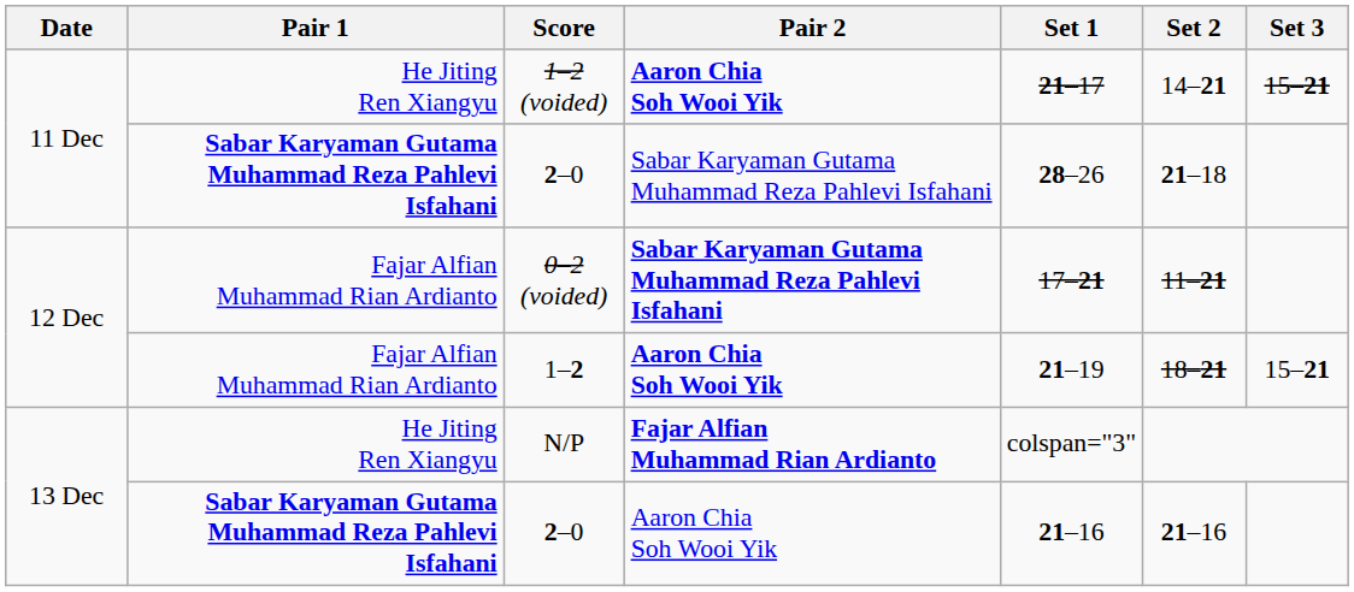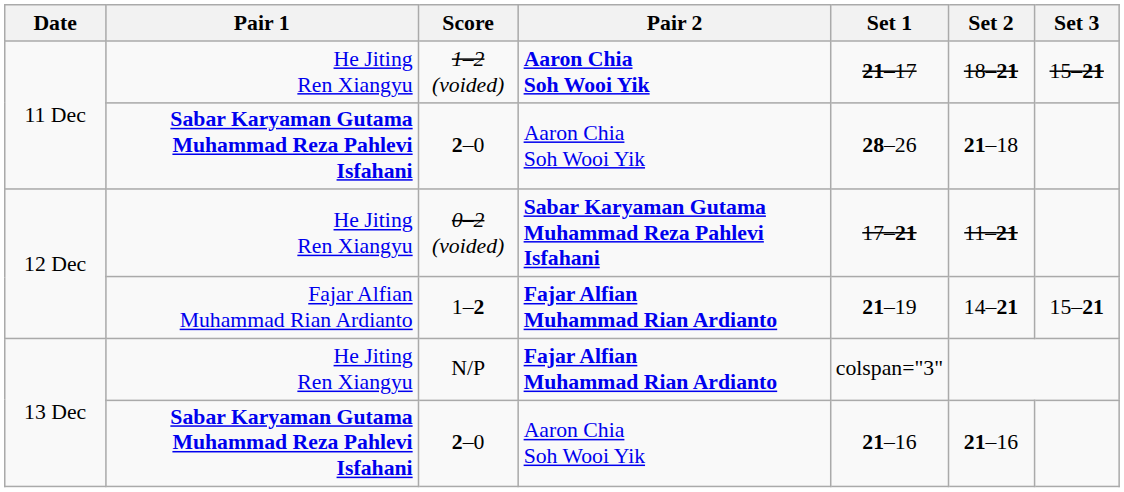 <table class="wikitable" style="text-align: center; font-size:90%">
 <tr>
 <th width="60">Date</th>
 <th width="200">Pair 1</th>
 <th width="60">Score</th>
 <th width="200">Pair 2</th>
 <th width="50">Set 1</th>
 <th width="50">Set 2</th>
 <th width="50">Set 3</th>
 </tr>
 <tr>
 <td rowspan="2">11 Dec</td>
 <td style="text-align:right"><a href='#'>He Jiting</a>  <br><a href='#'>Ren Xiangyu</a> </td>
 <td style="text-align:center"><s><em>1–2</em></s><br><em>(voided)</em></td>
 <td style="text-align:left"><strong> <a href='#'>Aaron Chia</a><br> <a href='#'>Soh Wooi Yik</a></strong></td>
 <td><s><strong>21</strong>–17</s></td>
-<td>14–<strong>21</strong></td>
+<td><s>18–<strong>21</strong></s></td>
 <td><s>15–<strong>21</strong></s></td>
 </tr>
 <tr>
 <td style="text-align:right"><strong><a href='#'>Sabar Karyaman Gutama</a> <br><a href='#'>Muhammad Reza Pahlevi Isfahani</a> </strong></td>
 <td style="text-align:center"><strong>2</strong>–0</td>
-<td style="text-align:left"> <a href='#'>Sabar Karyaman Gutama</a><br> <a href='#'>Muhammad Reza Pahlevi Isfahani</a></td>
+<td style="text-align:left"> <a href='#'>Aaron Chia</a><br> <a href='#'>Soh Wooi Yik</a></td>
 <td><strong>28</strong>–26</td>
 <td><strong>21</strong>–18</td>
 <td></td>
 </tr>
 <tr>
 <td rowspan="2">12 Dec</td>
-<td style="text-align:right"><a href='#'>Fajar Alfian</a> <br><a href='#'>Muhammad Rian Ardianto</a> </td>
+<td style="text-align:right"><a href='#'>He Jiting</a> <br><a href='#'>Ren Xiangyu</a> </td>
 <td style="text-align:center"><s><em>0–2</em></s><br><em>(voided)</em></td>
 <td style="text-align:left"><strong> <a href='#'>Sabar Karyaman Gutama</a><br> <a href='#'>Muhammad Reza Pahlevi Isfahani</a></strong></td>
 <td><s>17–<strong>21</strong></s></td>
 <td><s>11–<strong>21</strong></s></td>
 <td></td>
 </tr>
 <tr>
 <td style="text-align:right"><a href='#'>Fajar Alfian</a> <br><a href='#'>Muhammad Rian Ardianto</a> </td>
 <td style="text-align:center">1–<strong>2</strong></td>
-<td style="text-align:left"><strong> <a href='#'>Aaron Chia</a><br> <a href='#'>Soh Wooi Yik</a></strong></td>
+<td style="text-align:left"><strong> <a href='#'>Fajar Alfian</a><br> <a href='#'>Muhammad Rian Ardianto</a></strong></td>
 <td><strong>21</strong>–19</td>
-<td><s>18–<strong>21</strong></s></td>
+<td>14–<strong>21</strong></td>
 <td>15–<strong>21</strong></td>
 </tr>
 <tr>
 <td rowspan="2">13 Dec</td>
 <td style="text-align:right"><a href='#'>He Jiting</a> <br><a href='#'>Ren Xiangyu</a> </td>
 <td style="text-align:center">N/P</td>
 <td style="text-align:left"><strong> <a href='#'>Fajar Alfian</a><br> <a href='#'>Muhammad Rian Ardianto</a></strong></td>
 <td>colspan="3" </td>
 </tr>
 <tr>
 <td style="text-align:right"><strong><a href='#'>Sabar Karyaman Gutama</a> <br><a href='#'>Muhammad Reza Pahlevi Isfahani</a> </strong></td>
 <td style="text-align:center"><strong>2</strong>–0</td>
 <td style="text-align:left"> <a href='#'>Aaron Chia</a><br> <a href='#'>Soh Wooi Yik</a></td>
 <td><strong>21</strong>–16</td>
 <td><strong>21</strong>–16</td>
 <td></td>
 </tr>
 </table>
